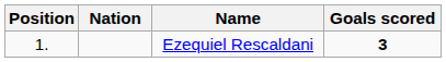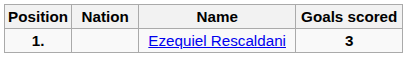 <table class="wikitable" style="font-size: 95%; text-align: center;">
 <tr>
 <th width=60>Position</th>
 <th width=60>Nation</th>
 <th width=150>Name</th>
 <th width=100>Goals scored</th>
 </tr>
 <tr>
-<td>1.</td>
+<td><strong>1.</strong></td>
 <td></td>
 <td><a href='#'>Ezequiel Rescaldani</a></td>
 <td><strong>3</strong></td>
 </tr>
 <tr>
 </tr>
 </table>
